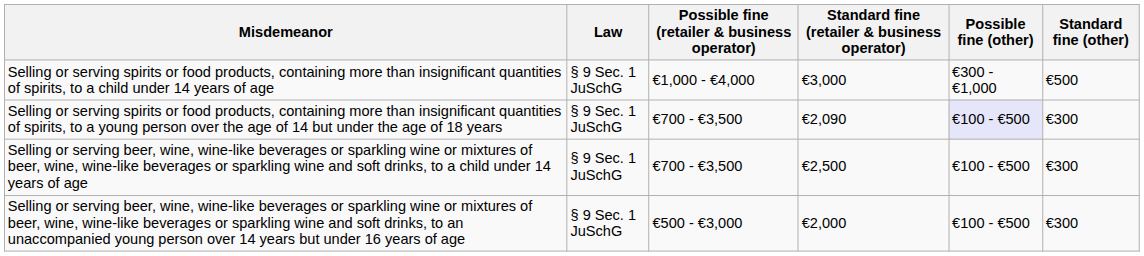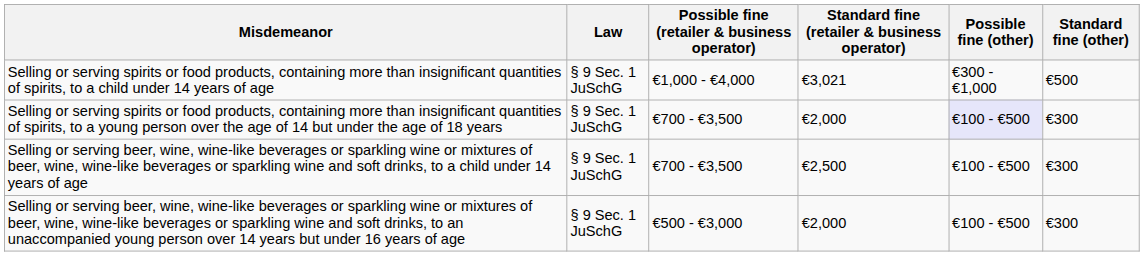 <table class="wikitable">
 <tr>
 <th>Misdemeanor</th>
 <th>Law</th>
 <th>Possible fine (retailer & business operator)</th>
 <th>Standard fine (retailer & business operator)</th>
 <th>Possible fine (other)</th>
 <th>Standard fine (other)</th>
 </tr>
 <tr>
 <td>Selling or serving spirits or food products, containing more than insignificant quantities of spirits, to a child under 14 years of age</td>
 <td>§ 9 Sec. 1 JuSchG</td>
 <td>€1,000 - €4,000</td>
-<td>€3,000</td>
+<td>€3,021</td>
 <td>€300 - €1,000</td>
 <td>€500</td>
 </tr>
 <tr>
 <td>Selling or serving spirits or food products, containing more than insignificant quantities of spirits, to a young person over the age of 14 but under the age of 18 years</td>
 <td>§ 9 Sec. 1 JuSchG</td>
 <td>€700 - €3,500</td>
-<td>€2,090</td>
+<td>€2,000</td>
 <td style="background: lavender;">€100 - €500</td>
 <td>€300</td>
 </tr>
 <tr>
 <td>Selling or serving beer, wine, wine-like beverages or sparkling wine or mixtures of beer, wine, wine-like beverages or sparkling wine and soft drinks,  to a child under 14 years of age</td>
 <td>§ 9 Sec. 1 JuSchG</td>
 <td>€700 - €3,500</td>
 <td>€2,500</td>
 <td>€100 - €500</td>
 <td>€300</td>
 </tr>
 <tr>
 <td>Selling or serving beer, wine, wine-like beverages or sparkling wine or mixtures of beer, wine, wine-like beverages or sparkling wine and soft drinks,  to an unaccompanied young person over 14 years but under 16 years of age</td>
 <td>§ 9 Sec. 1 JuSchG</td>
 <td>€500 - €3,000</td>
 <td>€2,000</td>
 <td>€100 - €500</td>
 <td>€300</td>
 </tr>
 </table>
